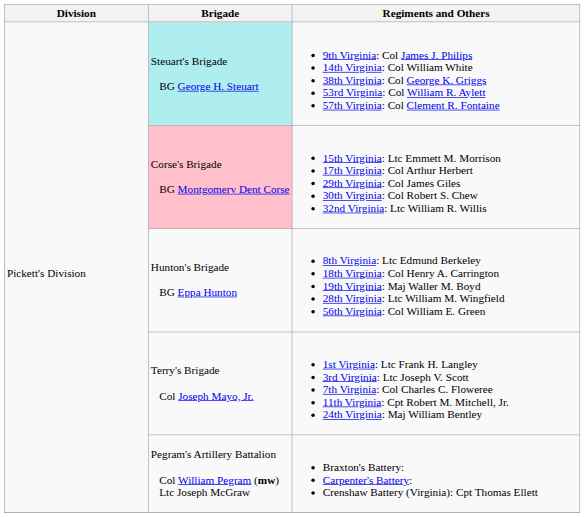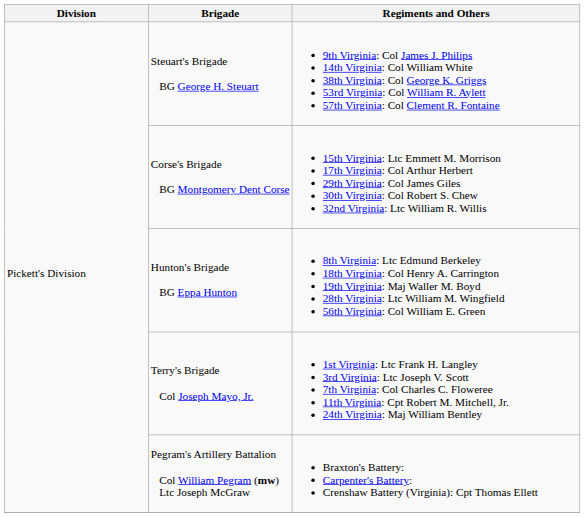 <table class="wikitable">
 <tr>
 <th width=25%>Division</th>
 <th width=25%>Brigade</th>
 <th>Regiments and Others</th>
 </tr>
 <tr>
 <td rowspan=5><br>Pickett's Division</td>
-<td style="background: paleturquoise;">Steuart's Brigade<br><br>   BG <a href='#'>George H. Steuart</a></td>
+<td>Steuart's Brigade<br><br>   BG <a href='#'>George H. Steuart</a></td>
 <td><br><ul><li><a href='#'>9th Virginia</a>: Col <a href='#'>James J. Philips</a></li><li><a href='#'>14th Virginia</a>: Col William White</li><li><a href='#'>38th Virginia</a>: Col <a href='#'>George K. Griggs</a></li><li><a href='#'>53rd Virginia</a>: Col <a href='#'>William R. Aylett</a></li><li><a href='#'>57th Virginia</a>: Col <a href='#'>Clement R. Fontaine</a></li></ul></td>
 </tr>
 <tr>
-<td style="background: pink;">Corse's Brigade<br><br>   BG <a href='#'>Montgomery Dent Corse</a></td>
+<td>Corse's Brigade<br><br>   BG <a href='#'>Montgomery Dent Corse</a></td>
 <td><br><ul><li><a href='#'>15th Virginia</a>: Ltc Emmett M. Morrison</li><li><a href='#'>17th Virginia</a>: Col Arthur Herbert</li><li><a href='#'>29th Virginia</a>: Col James Giles</li><li><a href='#'>30th Virginia</a>: Col Robert S. Chew</li><li><a href='#'>32nd Virginia</a>: Ltc William R. Willis</li></ul></td>
 </tr>
 <tr>
 <td>Hunton's Brigade<br><br>   BG <a href='#'>Eppa Hunton</a></td>
 <td><br><ul><li><a href='#'>8th Virginia</a>: Ltc Edmund Berkeley</li><li><a href='#'>18th Virginia</a>: Col Henry A. Carrington</li><li><a href='#'>19th Virginia</a>: Maj Waller M. Boyd</li><li><a href='#'>28th Virginia</a>: Ltc William M. Wingfield</li><li><a href='#'>56th Virginia</a>: Col William E. Green</li></ul></td>
 </tr>
 <tr>
 <td>Terry's Brigade<br><br>   Col <a href='#'>Joseph Mayo, Jr.</a></td>
 <td><br><ul><li><a href='#'>1st Virginia</a>: Ltc Frank H. Langley</li><li><a href='#'>3rd Virginia</a>: Ltc Joseph V. Scott</li><li><a href='#'>7th Virginia</a>: Col Charles C. Floweree</li><li><a href='#'>11th Virginia</a>: Cpt Robert M. Mitchell, Jr.</li><li><a href='#'>24th Virginia</a>: Maj William Bentley</li></ul></td>
 </tr>
 <tr>
 <td>Pegram's Artillery Battalion<br><br>   Col <a href='#'>William Pegram</a> (<strong>mw</strong>)<br>    Ltc Joseph McGraw</td>
 <td><br><ul><li>Braxton's Battery:</li><li><a href='#'>Carpenter's Battery</a>:</li><li>Crenshaw Battery (Virginia): Cpt Thomas Ellett</li></ul></td>
 </tr>
 <tr>
 </tr>
 </table>
